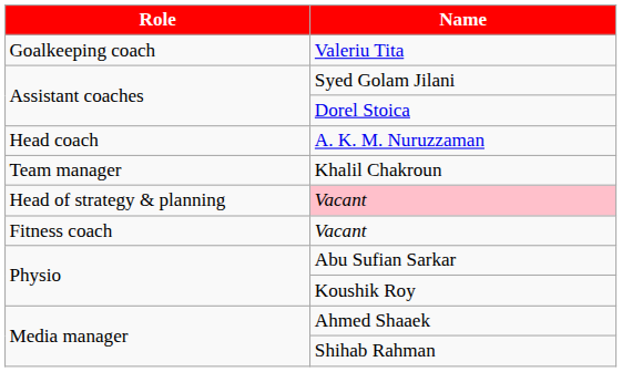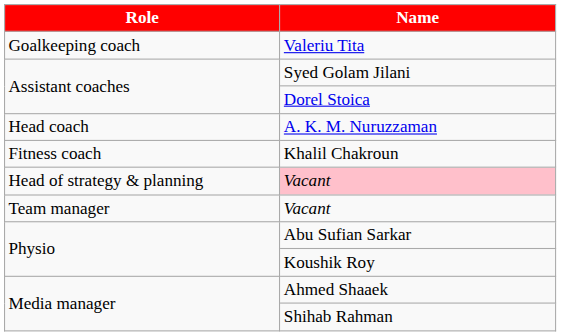 <table class=wikitable style="text-align:left">
 <tr>
 <th style="background:#FF0000; color:white; width:250px;">Role</th>
 <th style="background:#FF0000; color:white; width:250px;">Name</th>
 </tr>
 <tr>
 <td>Goalkeeping coach</td>
 <td> <a href='#'>Valeriu Tita</a></td>
 </tr>
 <tr>
 <td rowspan=2>Assistant coaches</td>
 <td> Syed Golam Jilani</td>
 </tr>
 <tr>
 <td> <a href='#'>Dorel Stoica</a></td>
 </tr>
 <tr>
 <td>Head coach</td>
 <td> <a href='#'>A. K. M. Nuruzzaman</a></td>
 </tr>
 <tr>
-<td>Team manager</td>
+<td>Fitness coach</td>
 <td> Khalil Chakroun</td>
 </tr>
 <tr>
 <td>Head of strategy & planning</td>
 <td style="background: pink;"><em>Vacant</em></td>
 </tr>
 <tr>
-<td>Fitness coach</td>
+<td>Team manager</td>
 <td><em>Vacant</em></td>
 </tr>
 <tr>
 <td rowspan=2>Physio</td>
 <td> Abu Sufian Sarkar</td>
 </tr>
 <tr>
 <td> Koushik Roy</td>
 </tr>
 <tr>
 <td rowspan=2>Media manager</td>
 <td> Ahmed Shaaek</td>
 </tr>
 <tr>
 <td> Shihab Rahman</td>
 </tr>
 </table>
